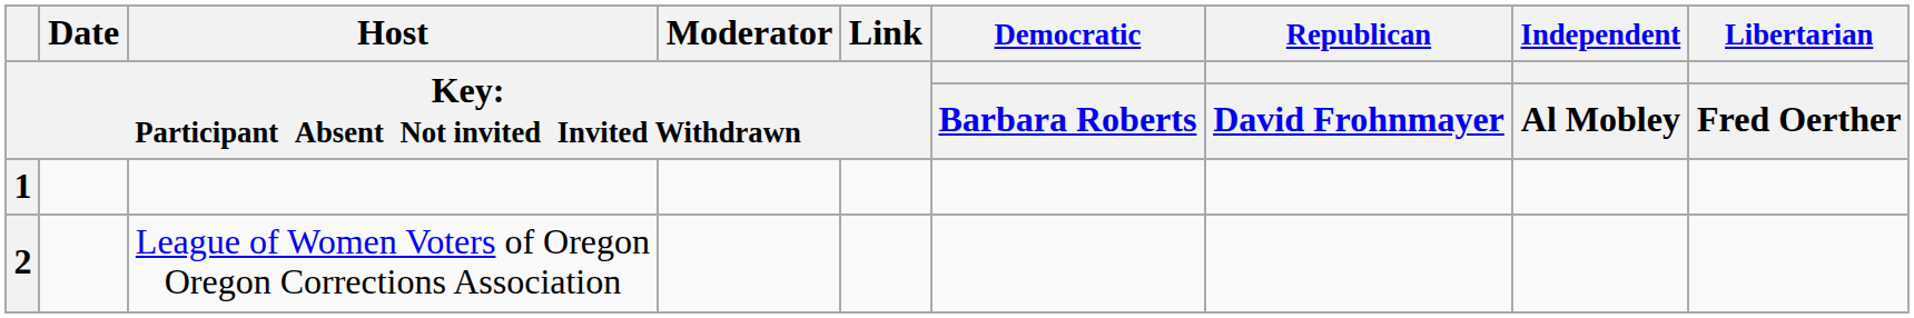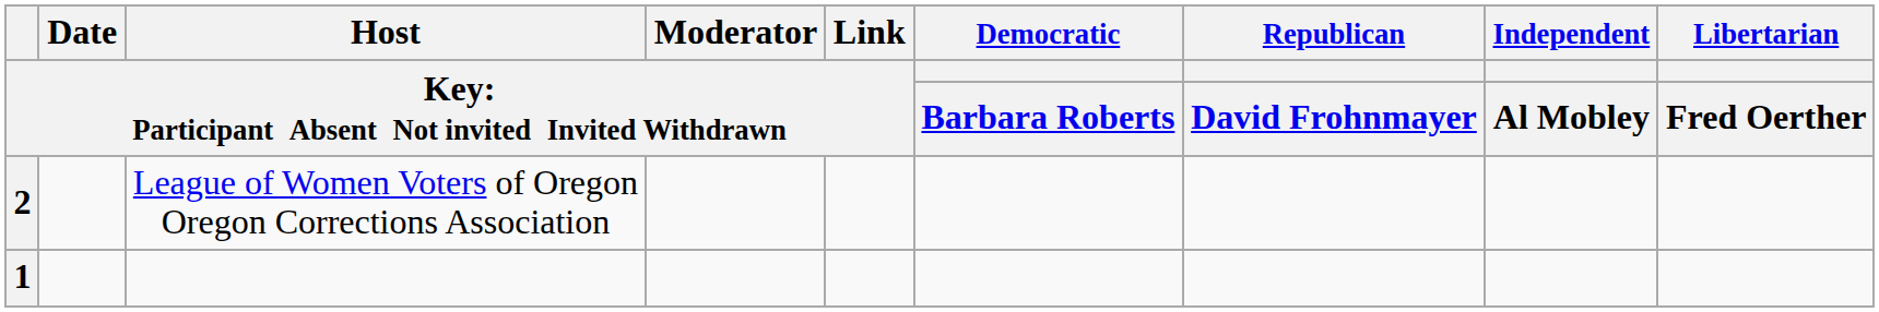 <table class="wikitable" style="text-align:center;">
 <tr>
 <th scope="col"></th>
 <th scope="col">Date</th>
 <th scope="col">Host</th>
 <th scope="col">Moderator</th>
 <th scope="col">Link</th>
 <th scope="col"><small><a href='#'>Democratic</a></small></th>
 <th scope="col"><small><a href='#'>Republican</a></small></th>
 <th scope="col"><small><a href='#'>Independent</a></small></th>
 <th scope="col"><small><a href='#'>Libertarian</a></small></th>
 </tr>
 <tr>
 <th colspan="5" rowspan="2">Key:<br> <small>Participant </small>  <small>Absent </small>  <small>Not invited </small>  <small>Invited  Withdrawn</small></th>
 <th scope="col" style="background:"></th>
 <th scope="col" style="background:"></th>
 <th scope="col" style="background:"></th>
 <th scope="col" style="background:"></th>
 </tr>
 <tr>
 <th scope="col"><a href='#'>Barbara Roberts</a></th>
 <th scope="col"><a href='#'>David Frohnmayer</a></th>
 <th scope="col">Al Mobley</th>
 <th scope="col">Fred Oerther</th>
 </tr>
 <tr>
+<th>2</th>
+<td style="white-space:nowrap;"></td>
+<td style="white-space:nowrap;"><a href='#'>League of Women Voters</a> of Oregon<br>Oregon Corrections Association</td>
+<td style="white-space:nowrap;"></td>
+<td style="white-space:nowrap;"></td>
+<td></td>
+<td></td>
+<td></td>
+<td></td>
+</tr>
+<tr>
 <th>1</th>
 <td style="white-space:nowrap;"></td>
 <td style="white-space:nowrap;"></td>
 <td style="white-space:nowrap;"></td>
 <td style="white-space:nowrap;"></td>
 <td></td>
 <td></td>
 <td></td>
 <td></td>
 </tr>
-<tr>
-<th>2</th>
-<td style="white-space:nowrap;"></td>
-<td style="white-space:nowrap;"><a href='#'>League of Women Voters</a> of Oregon<br>Oregon Corrections Association</td>
-<td style="white-space:nowrap;"></td>
-<td style="white-space:nowrap;"></td>
-<td></td>
-<td></td>
-<td></td>
-<td></td>
-</tr>
 </table>
